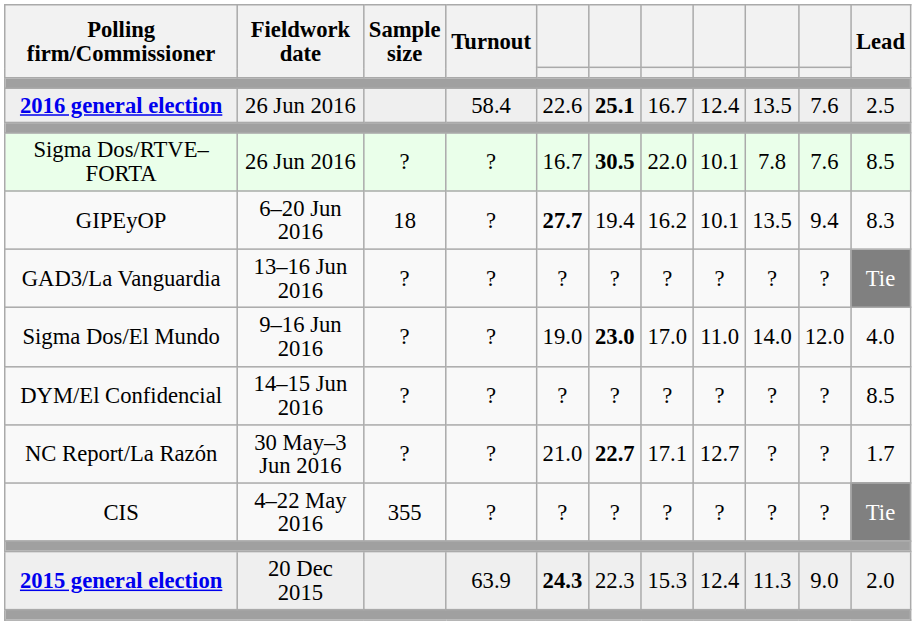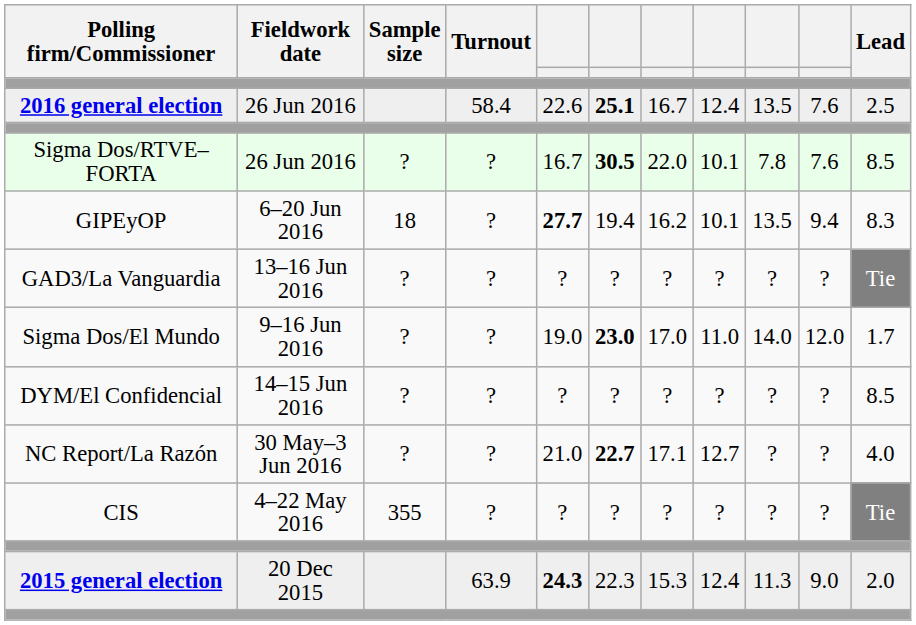 <table class="wikitable collapsible collapsed" style="text-align:center; font-size:95%; line-height:16px;">
 <tr style="height:42px; background-color:#E9E9E9">
 <th style="width:250px;" rowspan="2">Polling firm/Commissioner</th>
 <th style="width:125px;" rowspan="2">Fieldwork date</th>
 <th style="width:50px;" rowspan="2">Sample size</th>
 <th style="width:45px;" rowspan="2">Turnout</th>
 <th style="width:35px;"><br></th>
 <th style="width:35px;"></th>
 <th style="width:35px;"></th>
 <th style="width:35px;"></th>
 <th style="width:35px;"></th>
 <th style="width:35px;"></th>
 <th style="width:30px;" rowspan="2">Lead</th>
 </tr>
 <tr>
 <th style="color:inherit;background:"></th>
 <th style="color:inherit;background:"></th>
 <th style="color:inherit;background:"></th>
 <th style="color:inherit;background:"></th>
 <th style="color:inherit;background:"></th>
 <th style="color:inherit;background:"></th>
 </tr>
 <tr>
 <td colspan="12" style="background:#A0A0A0"></td>
 </tr>
 <tr style="background:#EFEFEF;">
 <td><strong><a href='#'>2016 general election</a></strong></td>
 <td>26 Jun 2016</td>
 <td></td>
 <td>58.4</td>
 <td>22.6<br></td>
 <td><strong>25.1</strong><br></td>
 <td>16.7<br></td>
 <td>12.4<br></td>
 <td>13.5<br></td>
 <td>7.6<br></td>
 <td style="background:">2.5</td>
 </tr>
 <tr>
 <td colspan="12" style="background:#A0A0A0"></td>
 </tr>
 <tr style="background:#EAFFEA;">
 <td>Sigma Dos/RTVE–FORTA</td>
 <td>26 Jun 2016</td>
 <td>?</td>
 <td>?</td>
 <td>16.7<br></td>
 <td><strong>30.5</strong><br></td>
 <td>22.0<br></td>
 <td>10.1<br></td>
 <td>7.8<br></td>
 <td>7.6<br></td>
 <td style="background:">8.5</td>
 </tr>
 <tr>
 <td>GIPEyOP</td>
 <td>6–20 Jun 2016</td>
 <td>18</td>
 <td>?</td>
 <td><strong>27.7</strong><br></td>
 <td>19.4<br></td>
 <td>16.2<br></td>
 <td>10.1<br></td>
 <td>13.5<br></td>
 <td>9.4<br></td>
 <td style="background:">8.3</td>
 </tr>
 <tr>
 <td>GAD3/La Vanguardia</td>
 <td>13–16 Jun 2016</td>
 <td>?</td>
 <td>?</td>
 <td>?<br></td>
 <td>?<br></td>
 <td>?<br></td>
 <td>?<br></td>
 <td>?<br></td>
 <td>?<br></td>
 <td style="background:gray;color:white;">Tie</td>
 </tr>
 <tr>
 <td>Sigma Dos/El Mundo</td>
 <td>9–16 Jun 2016</td>
 <td>?</td>
 <td>?</td>
 <td>19.0<br></td>
 <td><strong>23.0</strong><br></td>
 <td>17.0<br></td>
 <td>11.0<br></td>
 <td>14.0<br></td>
 <td>12.0<br></td>
-<td style="background:">4.0</td>
+<td style="background:">1.7</td>
 </tr>
 <tr>
 <td>DYM/El Confidencial</td>
 <td>14–15 Jun 2016</td>
 <td>?</td>
 <td>?</td>
 <td>?<br></td>
 <td>?<br></td>
 <td>?<br></td>
 <td>?<br></td>
 <td>?<br></td>
 <td>?<br></td>
 <td style="background:">8.5</td>
 </tr>
 <tr>
 <td>NC Report/La Razón</td>
 <td>30 May–3 Jun 2016</td>
 <td>?</td>
 <td>?</td>
 <td>21.0<br></td>
 <td><strong>22.7</strong><br></td>
 <td>17.1<br></td>
 <td>12.7<br></td>
 <td>?<br></td>
 <td>?<br></td>
-<td style="background:">1.7</td>
+<td style="background:">4.0</td>
 </tr>
 <tr>
 <td>CIS</td>
 <td>4–22 May 2016</td>
 <td>355</td>
 <td>?</td>
 <td>?<br></td>
 <td>?<br></td>
 <td>?<br></td>
 <td>?<br></td>
 <td>?<br></td>
 <td>?<br></td>
 <td style="background:gray;color:white;">Tie</td>
 </tr>
 <tr>
 <td colspan="12" style="background:#A0A0A0"></td>
 </tr>
 <tr style="background:#EFEFEF;">
 <td><strong><a href='#'>2015 general election</a></strong></td>
 <td>20 Dec 2015</td>
 <td></td>
 <td>63.9</td>
 <td><strong>24.3</strong><br></td>
 <td>22.3<br></td>
 <td>15.3<br></td>
 <td>12.4<br></td>
 <td>11.3<br></td>
 <td>9.0<br></td>
 <td style="background:">2.0</td>
 </tr>
 <tr>
 <td colspan="12" style="background:#A0A0A0"></td>
 </tr>
 </table>
